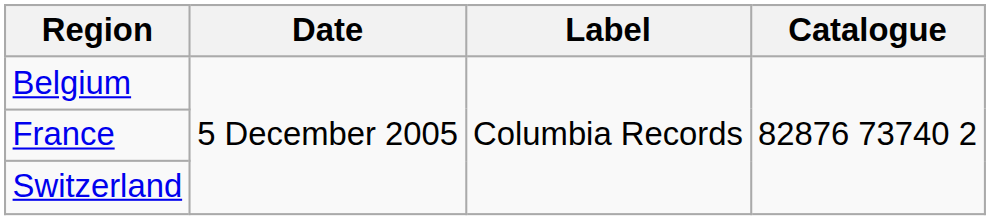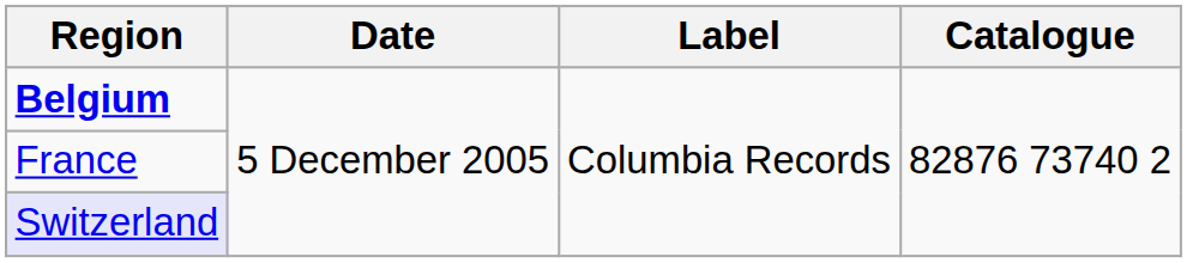 <table class=wikitable>
 <tr>
 <th>Region</th>
 <th>Date</th>
 <th>Label</th>
 <th>Catalogue</th>
 </tr>
 <tr>
-<td><a href='#'>Belgium</a></td>
+<td><strong><a href='#'>Belgium</a></strong></td>
 <td rowspan=3>5 December 2005</td>
 <td rowspan=3>Columbia Records</td>
 <td rowspan=3>82876 73740 2</td>
 </tr>
 <tr>
 <td><a href='#'>France</a></td>
 </tr>
 <tr>
-<td><a href='#'>Switzerland</a></td>
+<td style="background: lavender;"><a href='#'>Switzerland</a></td>
 </tr>
 </table>
